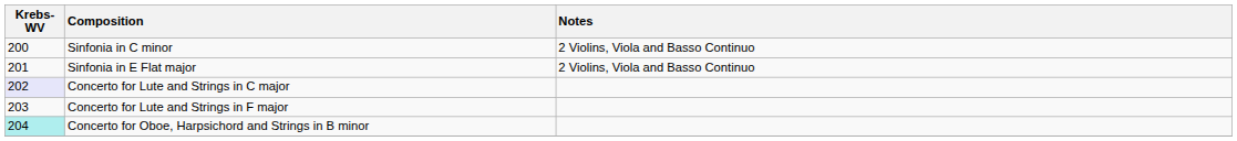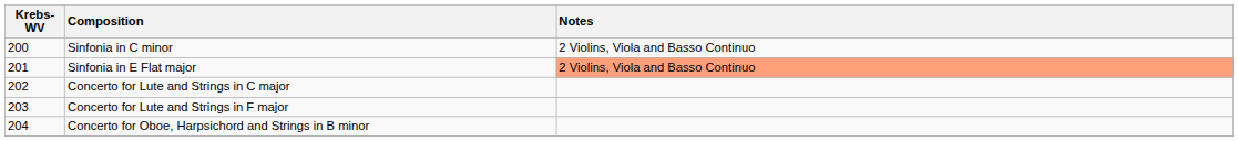 <table class="wikitable" width="100%">
 <tr>
 <th width="70">Krebs-WV</th>
 <th style="text-align: left; width: 40%">Composition</th>
 <th style="text-align: left;">Notes</th>
 </tr>
 <tr>
 <td>200</td>
 <td>Sinfonia in C minor</td>
 <td>2 Violins, Viola and Basso Continuo</td>
 </tr>
 <tr>
 <td>201</td>
 <td>Sinfonia in E Flat major</td>
-<td>2 Violins, Viola and Basso Continuo</td>
+<td style="background: lightsalmon;">2 Violins, Viola and Basso Continuo</td>
 </tr>
 <tr>
-<td style="background: lavender;">202</td>
+<td>202</td>
 <td>Concerto for Lute and Strings in C major</td>
 <td></td>
 </tr>
 <tr>
 <td>203</td>
 <td>Concerto for Lute and Strings in F major</td>
 <td></td>
 </tr>
 <tr>
-<td style="background: paleturquoise;">204</td>
+<td>204</td>
 <td>Concerto for Oboe, Harpsichord and Strings in B minor</td>
 <td></td>
 </tr>
 <tr>
 </tr>
 </table>
